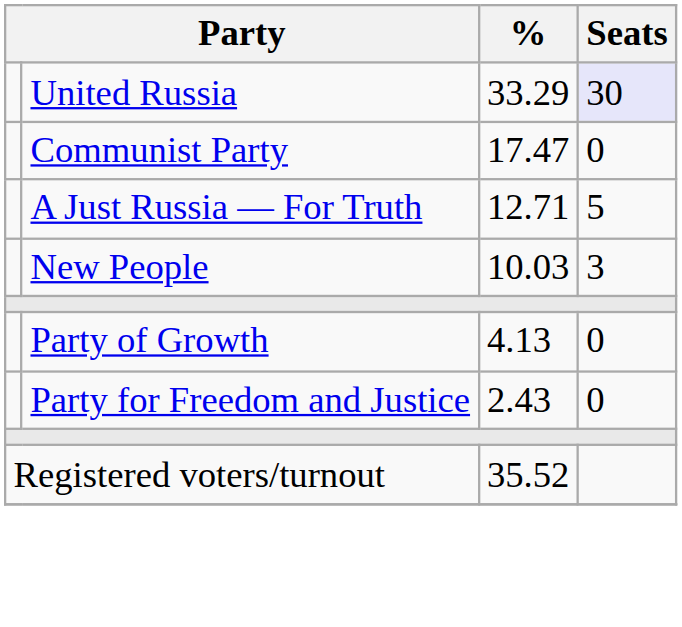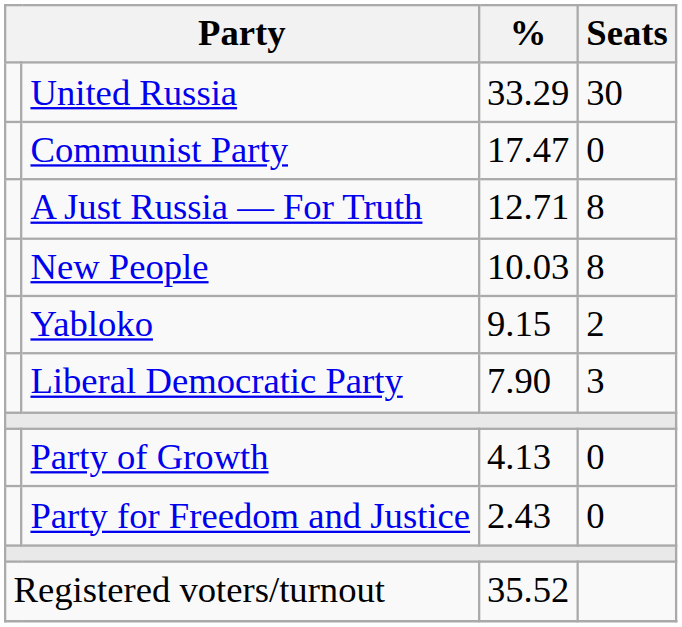 <table class="wikitable">
 <tr>
 <th colspan=2>Party</th>
 <th>%</th>
 <th>Seats</th>
 </tr>
 <tr>
 <td style="background:"></td>
 <td><a href='#'>United Russia</a></td>
 <td>33.29</td>
-<td style="background: lavender;">30</td>
+<td>30</td>
 </tr>
 <tr>
 <td style="background:"></td>
 <td><a href='#'>Communist Party</a></td>
 <td>17.47</td>
 <td>0</td>
 </tr>
 <tr>
 <td style="background:"></td>
 <td><a href='#'>A Just Russia — For Truth</a></td>
 <td>12.71</td>
-<td>5</td>
+<td>8</td>
 </tr>
 <tr>
 <td style="background:"></td>
 <td><a href='#'>New People</a></td>
 <td>10.03</td>
+<td>8</td>
+</tr>
+<tr>
+<td style="background:"></td>
+<td><a href='#'>Yabloko</a></td>
+<td>9.15</td>
+<td>2</td>
+</tr>
+<tr>
+<td style="background:"></td>
+<td><a href='#'>Liberal Democratic Party</a></td>
+<td>7.90</td>
 <td>3</td>
 </tr>
 <tr>
 <td colspan=4 style="background:#E9E9E9;"></td>
 </tr>
 <tr>
 <td style="background:"></td>
 <td><a href='#'>Party of Growth</a></td>
 <td>4.13</td>
 <td>0</td>
 </tr>
 <tr>
 <td style="background:"></td>
 <td><a href='#'>Party for Freedom and Justice</a></td>
 <td>2.43</td>
 <td>0</td>
 </tr>
 <tr>
 <td colspan=4 style="background:#E9E9E9;"></td>
 </tr>
 <tr>
 <td align=left colspan=2>Registered voters/turnout</td>
 <td>35.52</td>
 <td></td>
 </tr>
 <tr>
 </tr>
 </table>
